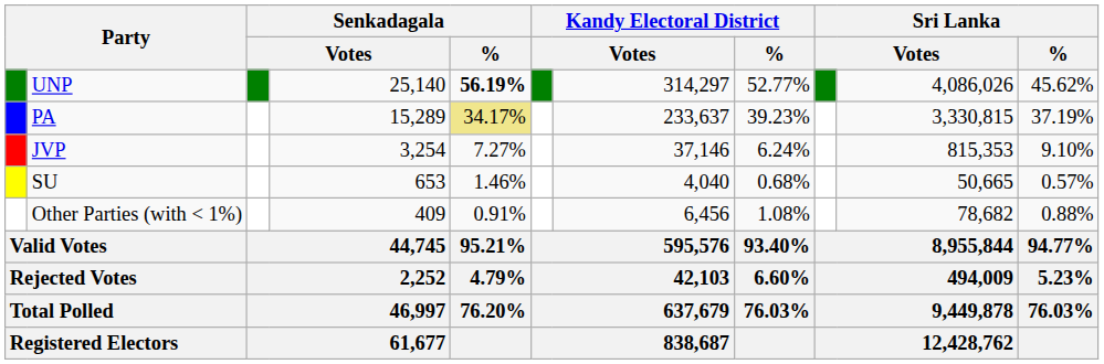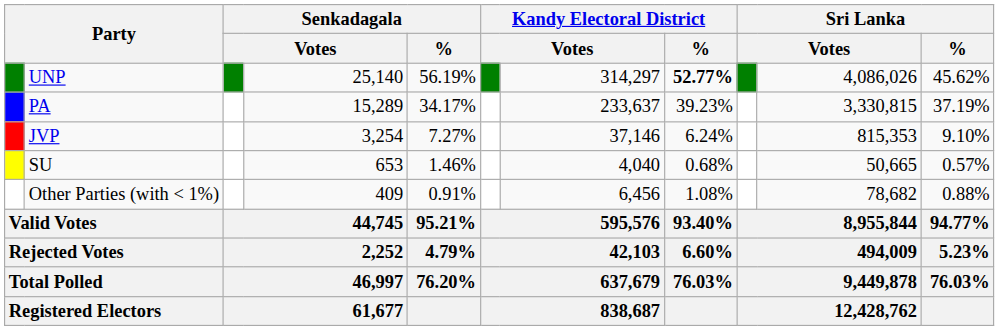 <table class="wikitable">
 <tr>
 <th colspan="2" width="144px"rowspan="2">Party</th>
 <th colspan="3" width="216px">Senkadagala</th>
 <th colspan="3" width="216px"><a href='#'>Kandy Electoral District</a></th>
 <th colspan="3" width="216px">Sri Lanka</th>
 </tr>
 <tr>
 <th colspan="2" width="144px">Votes</th>
 <th>%</th>
 <th colspan="2" width="144px">Votes</th>
 <th>%</th>
 <th colspan="2" width="144px">Votes</th>
 <th>%</th>
 </tr>
 <tr>
 <td style="background-color:green;" width="10px"></td>
 <td style="text-align:left;"><a href='#'>UNP</a></td>
 <td style="background-color:green;" width="10px"></td>
 <td style="text-align:right;">25,140</td>
-<td style="text-align:right;"><strong>56.19%</strong></td>
+<td style="text-align:right;">56.19%</td>
 <td style="background-color:green;" width="10px"></td>
 <td style="text-align:right;">314,297</td>
-<td style="text-align:right;">52.77%</td>
+<td style="text-align:right;"><strong>52.77%</strong></td>
 <td style="background-color:green;" width="10px"></td>
 <td style="text-align:right;">4,086,026</td>
 <td style="text-align:right;">45.62%</td>
 </tr>
 <tr>
 <td style="background-color:blue;" width="10px"></td>
 <td style="text-align:left;"><a href='#'>PA</a></td>
 <td style="background-color:white;" width="10px"></td>
 <td style="text-align:right;">15,289</td>
-<td style="background: khaki; text-align:right;">34.17%</td>
+<td style="text-align:right;">34.17%</td>
 <td style="background-color:white;" width="10px"></td>
 <td style="text-align:right;">233,637</td>
 <td style="text-align:right;">39.23%</td>
 <td style="background-color:white;" width="10px"></td>
 <td style="text-align:right;">3,330,815</td>
 <td style="text-align:right;">37.19%</td>
 </tr>
 <tr>
 <td style="background-color:red;" width="10px"></td>
 <td style="text-align:left;"><a href='#'>JVP</a></td>
 <td style="background-color:white;" width="10px"></td>
 <td style="text-align:right;">3,254</td>
 <td style="text-align:right;">7.27%</td>
 <td style="background-color:white;" width="10px"></td>
 <td style="text-align:right;">37,146</td>
 <td style="text-align:right;">6.24%</td>
 <td style="background-color:white;" width="10px"></td>
 <td style="text-align:right;">815,353</td>
 <td style="text-align:right;">9.10%</td>
 </tr>
 <tr>
 <td style="background-color:yellow;" width="10px"></td>
 <td style="text-align:left;">SU</td>
 <td style="background-color:white;" width="10px"></td>
 <td style="text-align:right;">653</td>
 <td style="text-align:right;">1.46%</td>
 <td style="background-color:white;" width="10px"></td>
 <td style="text-align:right;">4,040</td>
 <td style="text-align:right;">0.68%</td>
 <td style="background-color:white;" width="10px"></td>
 <td style="text-align:right;">50,665</td>
 <td style="text-align:right;">0.57%</td>
 </tr>
 <tr>
 <td style="background-color:white;" width="10px"></td>
 <td style="text-align:left;">Other Parties (with < 1%)</td>
 <td style="background-color:white;" width="10px"></td>
 <td style="text-align:right;">409</td>
 <td style="text-align:right;">0.91%</td>
 <td style="background-color:white;" width="10px"></td>
 <td style="text-align:right;">6,456</td>
 <td style="text-align:right;">1.08%</td>
 <td style="background-color:white;" width="10px"></td>
 <td style="text-align:right;">78,682</td>
 <td style="text-align:right;">0.88%</td>
 </tr>
 <tr>
 <th colspan="2" width="144px"style="text-align:left;">Valid Votes</th>
 <th style="text-align:right;"colspan="2" width="144px">44,745</th>
 <th style="text-align:right;">95.21%</th>
 <th style="text-align:right;"colspan="2" width="144px">595,576</th>
 <th style="text-align:right;">93.40%</th>
 <th style="text-align:right;"colspan="2" width="144px">8,955,844</th>
 <th style="text-align:right;">94.77%</th>
 </tr>
 <tr>
 <th colspan="2" width="144px"style="text-align:left;">Rejected Votes</th>
 <th style="text-align:right;"colspan="2" width="144px">2,252</th>
 <th style="text-align:right;">4.79%</th>
 <th style="text-align:right;"colspan="2" width="144px">42,103</th>
 <th style="text-align:right;">6.60%</th>
 <th style="text-align:right;"colspan="2" width="144px">494,009</th>
 <th style="text-align:right;">5.23%</th>
 </tr>
 <tr>
 <th colspan="2" width="144px"style="text-align:left;">Total Polled</th>
 <th style="text-align:right;"colspan="2" width="144px">46,997</th>
 <th style="text-align:right;">76.20%</th>
 <th style="text-align:right;"colspan="2" width="144px">637,679</th>
 <th style="text-align:right;">76.03%</th>
 <th style="text-align:right;"colspan="2" width="144px">9,449,878</th>
 <th style="text-align:right;">76.03%</th>
 </tr>
 <tr>
 <th colspan="2" width="144px"style="text-align:left;">Registered Electors</th>
 <th style="text-align:right;"colspan="2" width="144px">61,677</th>
 <th></th>
 <th style="text-align:right;"colspan="2" width="144px">838,687</th>
 <th></th>
 <th style="text-align:right;"colspan="2" width="144px">12,428,762</th>
 <th></th>
 </tr>
 </table>
